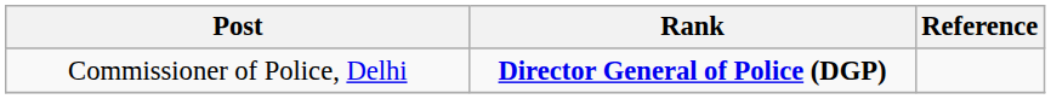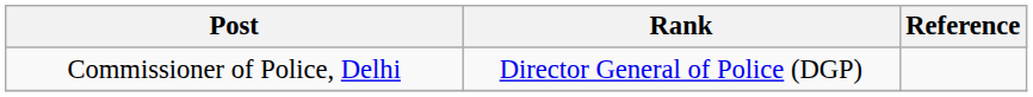 <table class="wikitable" style="text-align:center">
 <tr style="background:#cccccc">
 <th scope="col" style="width: 335px;">Post</th>
 <th scope="col" style="width: 335px;">Rank</th>
 <th scope="col" style="width: 30px;">Reference</th>
 </tr>
 <tr>
 <td>Commissioner of Police, <a href='#'>Delhi</a></td>
-<td><strong><a href='#'>Director General of Police</a> (DGP)</strong></td>
+<td><a href='#'>Director General of Police</a> (DGP)</td>
 <td></td>
 </tr>
 <tr>
 </tr>
 </table>
